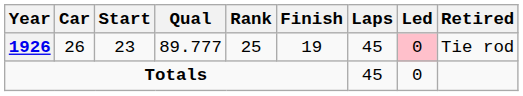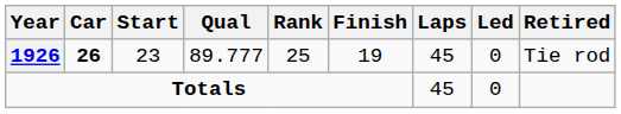 <table class="wikitable" style="text-align:center">
 <tr>
 <th>Year</th>
 <th>Car</th>
 <th>Start</th>
 <th>Qual</th>
 <th>Rank</th>
 <th>Finish</th>
 <th>Laps</th>
 <th>Led</th>
 <th>Retired</th>
 </tr>
 <tr>
 <th><a href='#'>1926</a></th>
-<td>26</td>
+<td><strong>26</strong></td>
 <td>23</td>
 <td>89.777</td>
 <td>25</td>
 <td>19</td>
 <td>45</td>
-<td style="background: pink;">0</td>
+<td>0</td>
 <td>Tie rod</td>
 </tr>
 <tr>
 <td colspan=6><strong>Totals</strong></td>
 <td>45</td>
 <td>0</td>
 <td></td>
 </tr>
 </table>
